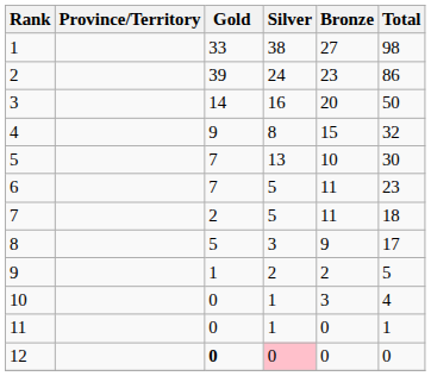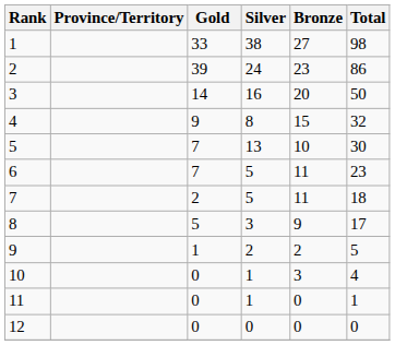 <table class="wikitable">
 <tr>
 <th><strong>Rank</strong></th>
 <th><strong>Province/Territory</strong></th>
 <th bgcolor="gold"><strong> Gold  </strong></th>
 <th bgcolor="silver"><strong>Silver</strong></th>
 <th bgcolor="CC9966"><strong>Bronze</strong></th>
 <th><strong>Total</strong></th>
 </tr>
 <tr>
 <td>1</td>
 <td><strong></strong></td>
 <td>33</td>
 <td>38</td>
 <td>27</td>
 <td>98</td>
 </tr>
 <tr>
 <td>2</td>
 <td></td>
 <td>39</td>
 <td>24</td>
 <td>23</td>
 <td>86</td>
 </tr>
 <tr>
 <td>3</td>
 <td></td>
 <td>14</td>
 <td>16</td>
 <td>20</td>
 <td>50</td>
 </tr>
 <tr>
 <td>4</td>
 <td></td>
 <td>9</td>
 <td>8</td>
 <td>15</td>
 <td>32</td>
 </tr>
 <tr>
 <td>5</td>
 <td></td>
 <td>7</td>
 <td>13</td>
 <td>10</td>
 <td>30</td>
 </tr>
 <tr>
 <td>6</td>
 <td></td>
 <td>7</td>
 <td>5</td>
 <td>11</td>
 <td>23</td>
 </tr>
 <tr>
 <td>7</td>
 <td></td>
 <td>2</td>
 <td>5</td>
 <td>11</td>
 <td>18</td>
 </tr>
 <tr>
 <td>8</td>
 <td></td>
 <td>5</td>
 <td>3</td>
 <td>9</td>
 <td>17</td>
 </tr>
 <tr>
 <td>9</td>
 <td></td>
 <td>1</td>
 <td>2</td>
 <td>2</td>
 <td>5</td>
 </tr>
 <tr>
 <td>10</td>
 <td></td>
 <td>0</td>
 <td>1</td>
 <td>3</td>
 <td>4</td>
 </tr>
 <tr>
 <td>11</td>
 <td></td>
 <td>0</td>
 <td>1</td>
 <td>0</td>
 <td>1</td>
 </tr>
 <tr>
 <td>12</td>
 <td></td>
-<td><strong>0</strong></td>
-<td style="background: pink;">0</td>
+<td>0</td>
+<td>0</td>
 <td>0</td>
 <td>0</td>
 </tr>
 <tr>
 </tr>
 </table>
